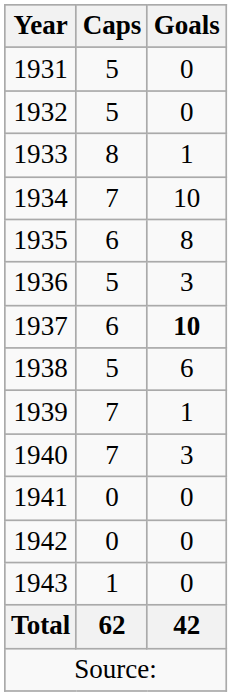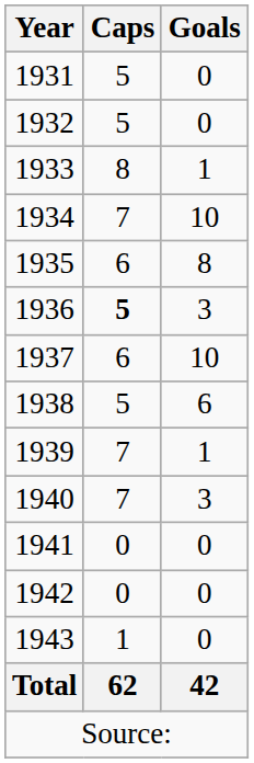 <table class="wikitable" style="text-align:center">
 <tr>
 <th>Year</th>
 <th>Caps</th>
 <th>Goals</th>
 </tr>
 <tr>
 <td>1931</td>
 <td>5</td>
 <td>0</td>
 </tr>
 <tr>
 <td>1932</td>
 <td>5</td>
 <td>0</td>
 </tr>
 <tr>
 <td>1933</td>
 <td>8</td>
 <td>1</td>
 </tr>
 <tr>
 <td>1934</td>
 <td>7</td>
 <td>10</td>
 </tr>
 <tr>
 <td>1935</td>
 <td>6</td>
 <td>8</td>
 </tr>
 <tr>
 <td>1936</td>
-<td>5</td>
+<td><strong>5</strong></td>
 <td>3</td>
 </tr>
 <tr>
 <td>1937</td>
 <td>6</td>
-<td><strong>10</strong></td>
+<td>10</td>
 </tr>
 <tr>
 <td>1938</td>
 <td>5</td>
 <td>6</td>
 </tr>
 <tr>
 <td>1939</td>
 <td>7</td>
 <td>1</td>
 </tr>
 <tr>
 <td>1940</td>
 <td>7</td>
 <td>3</td>
 </tr>
 <tr>
 <td>1941</td>
 <td>0</td>
 <td>0</td>
 </tr>
 <tr>
 <td>1942</td>
 <td>0</td>
 <td>0</td>
 </tr>
 <tr>
 <td>1943</td>
 <td>1</td>
 <td>0</td>
 </tr>
 <tr>
 <th>Total</th>
 <th>62</th>
 <th>42</th>
 </tr>
 <tr>
 <td colspan="3">Source:</td>
 </tr>
 </table>
